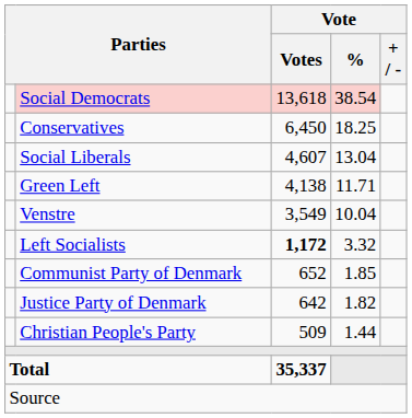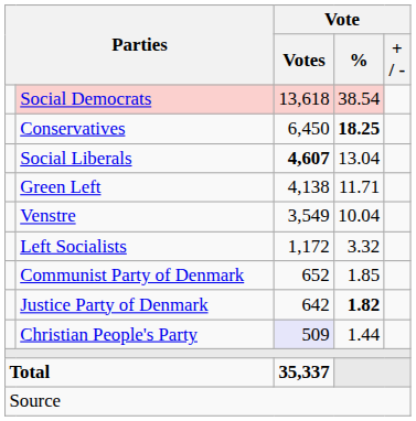 <table class="wikitable" style="text-align:right;">
 <tr>
 <th style="text-align:centre;" rowspan="2" colspan="2" width="225">Parties</th>
 <th colspan="3">Vote</th>
 </tr>
 <tr>
 <th width="15">Votes</th>
 <th width="15">%</th>
 <th width="15">+ / -</th>
 </tr>
 <tr>
 <td width="2" style="color:inherit;background:"></td>
 <td bgcolor=#fbd0ce  align="left"><a href='#'>Social Democrats</a></td>
 <td bgcolor=#fbd0ce>13,618</td>
 <td bgcolor=#fbd0ce>38.54</td>
 <td></td>
 </tr>
 <tr>
 <td width="2" style="color:inherit;background:"></td>
 <td align="left"><a href='#'>Conservatives</a></td>
 <td>6,450</td>
-<td>18.25</td>
+<td><strong>18.25</strong></td>
 <td></td>
 </tr>
 <tr>
 <td width="2" style="color:inherit;background:"></td>
 <td align="left"><a href='#'>Social Liberals</a></td>
-<td>4,607</td>
+<td><strong>4,607</strong></td>
 <td>13.04</td>
 <td></td>
 </tr>
 <tr>
 <td width="2" style="color:inherit;background:"></td>
 <td align="left"><a href='#'>Green Left</a></td>
 <td>4,138</td>
 <td>11.71</td>
 <td></td>
 </tr>
 <tr>
 <td width="2" style="color:inherit;background:"></td>
 <td align="left"><a href='#'>Venstre</a></td>
 <td>3,549</td>
 <td>10.04</td>
 <td></td>
 </tr>
 <tr>
 <td width="2" style="color:inherit;background:"></td>
 <td align="left"><a href='#'>Left Socialists</a></td>
-<td><strong>1,172</strong></td>
+<td>1,172</td>
 <td>3.32</td>
 <td></td>
 </tr>
 <tr>
 <td width="2" style="color:inherit;background:"></td>
 <td align="left"><a href='#'>Communist Party of Denmark</a></td>
 <td>652</td>
 <td>1.85</td>
 <td></td>
 </tr>
 <tr>
 <td width="2" style="color:inherit;background:"></td>
 <td align="left"><a href='#'>Justice Party of Denmark</a></td>
 <td>642</td>
-<td>1.82</td>
+<td><strong>1.82</strong></td>
 <td></td>
 </tr>
 <tr>
 <td width="2" style="color:inherit;background:"></td>
 <td align="left"><a href='#'>Christian People's Party</a></td>
-<td>509</td>
+<td style="background: lavender;">509</td>
 <td>1.44</td>
 <td></td>
 </tr>
 <tr>
 <td colspan="7" bgcolor="#E9E9E9"></td>
 </tr>
 <tr>
 <td align="left" colspan="2"><strong>Total</strong></td>
 <td><strong>35,337</strong></td>
 <td bgcolor="#E9E9E9" colspan="2"></td>
 </tr>
 <tr>
 <td align="left" colspan="6">Source</td>
 </tr>
 </table>
